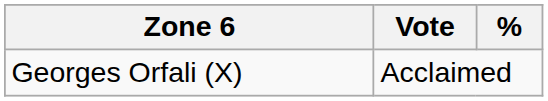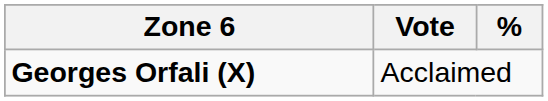 <table class="wikitable">
 <tr>
 <th bgcolor="#DDDDFF" width="200px">Zone 6</th>
 <th bgcolor="#DDDDFF" width="50px">Vote</th>
 <th bgcolor="#DDDDFF" width="30px">%</th>
 </tr>
 <tr>
-<td>Georges Orfali (X)</td>
+<td><strong>Georges Orfali (X)</strong></td>
 <td colspan="2">Acclaimed</td>
 </tr>
 </table>
